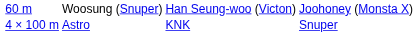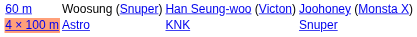 <table>
 <tr>
 <td><a href='#'>60 m</a></td>
 <td>Woosung (<a href='#'>Snuper</a>)</td>
 <td><a href='#'>Han Seung-woo</a> (<a href='#'>Victon</a>)</td>
 <td><a href='#'>Joohoney</a> (<a href='#'>Monsta X</a>)</td>
 </tr>
 <tr>
-<td><a href='#'>4 × 100 m</a></td>
+<td style="background: lightsalmon;"><a href='#'>4 × 100 m</a></td>
 <td><a href='#'>Astro</a></td>
 <td><a href='#'>KNK</a></td>
 <td><a href='#'>Snuper</a></td>
 </tr>
 </table>
